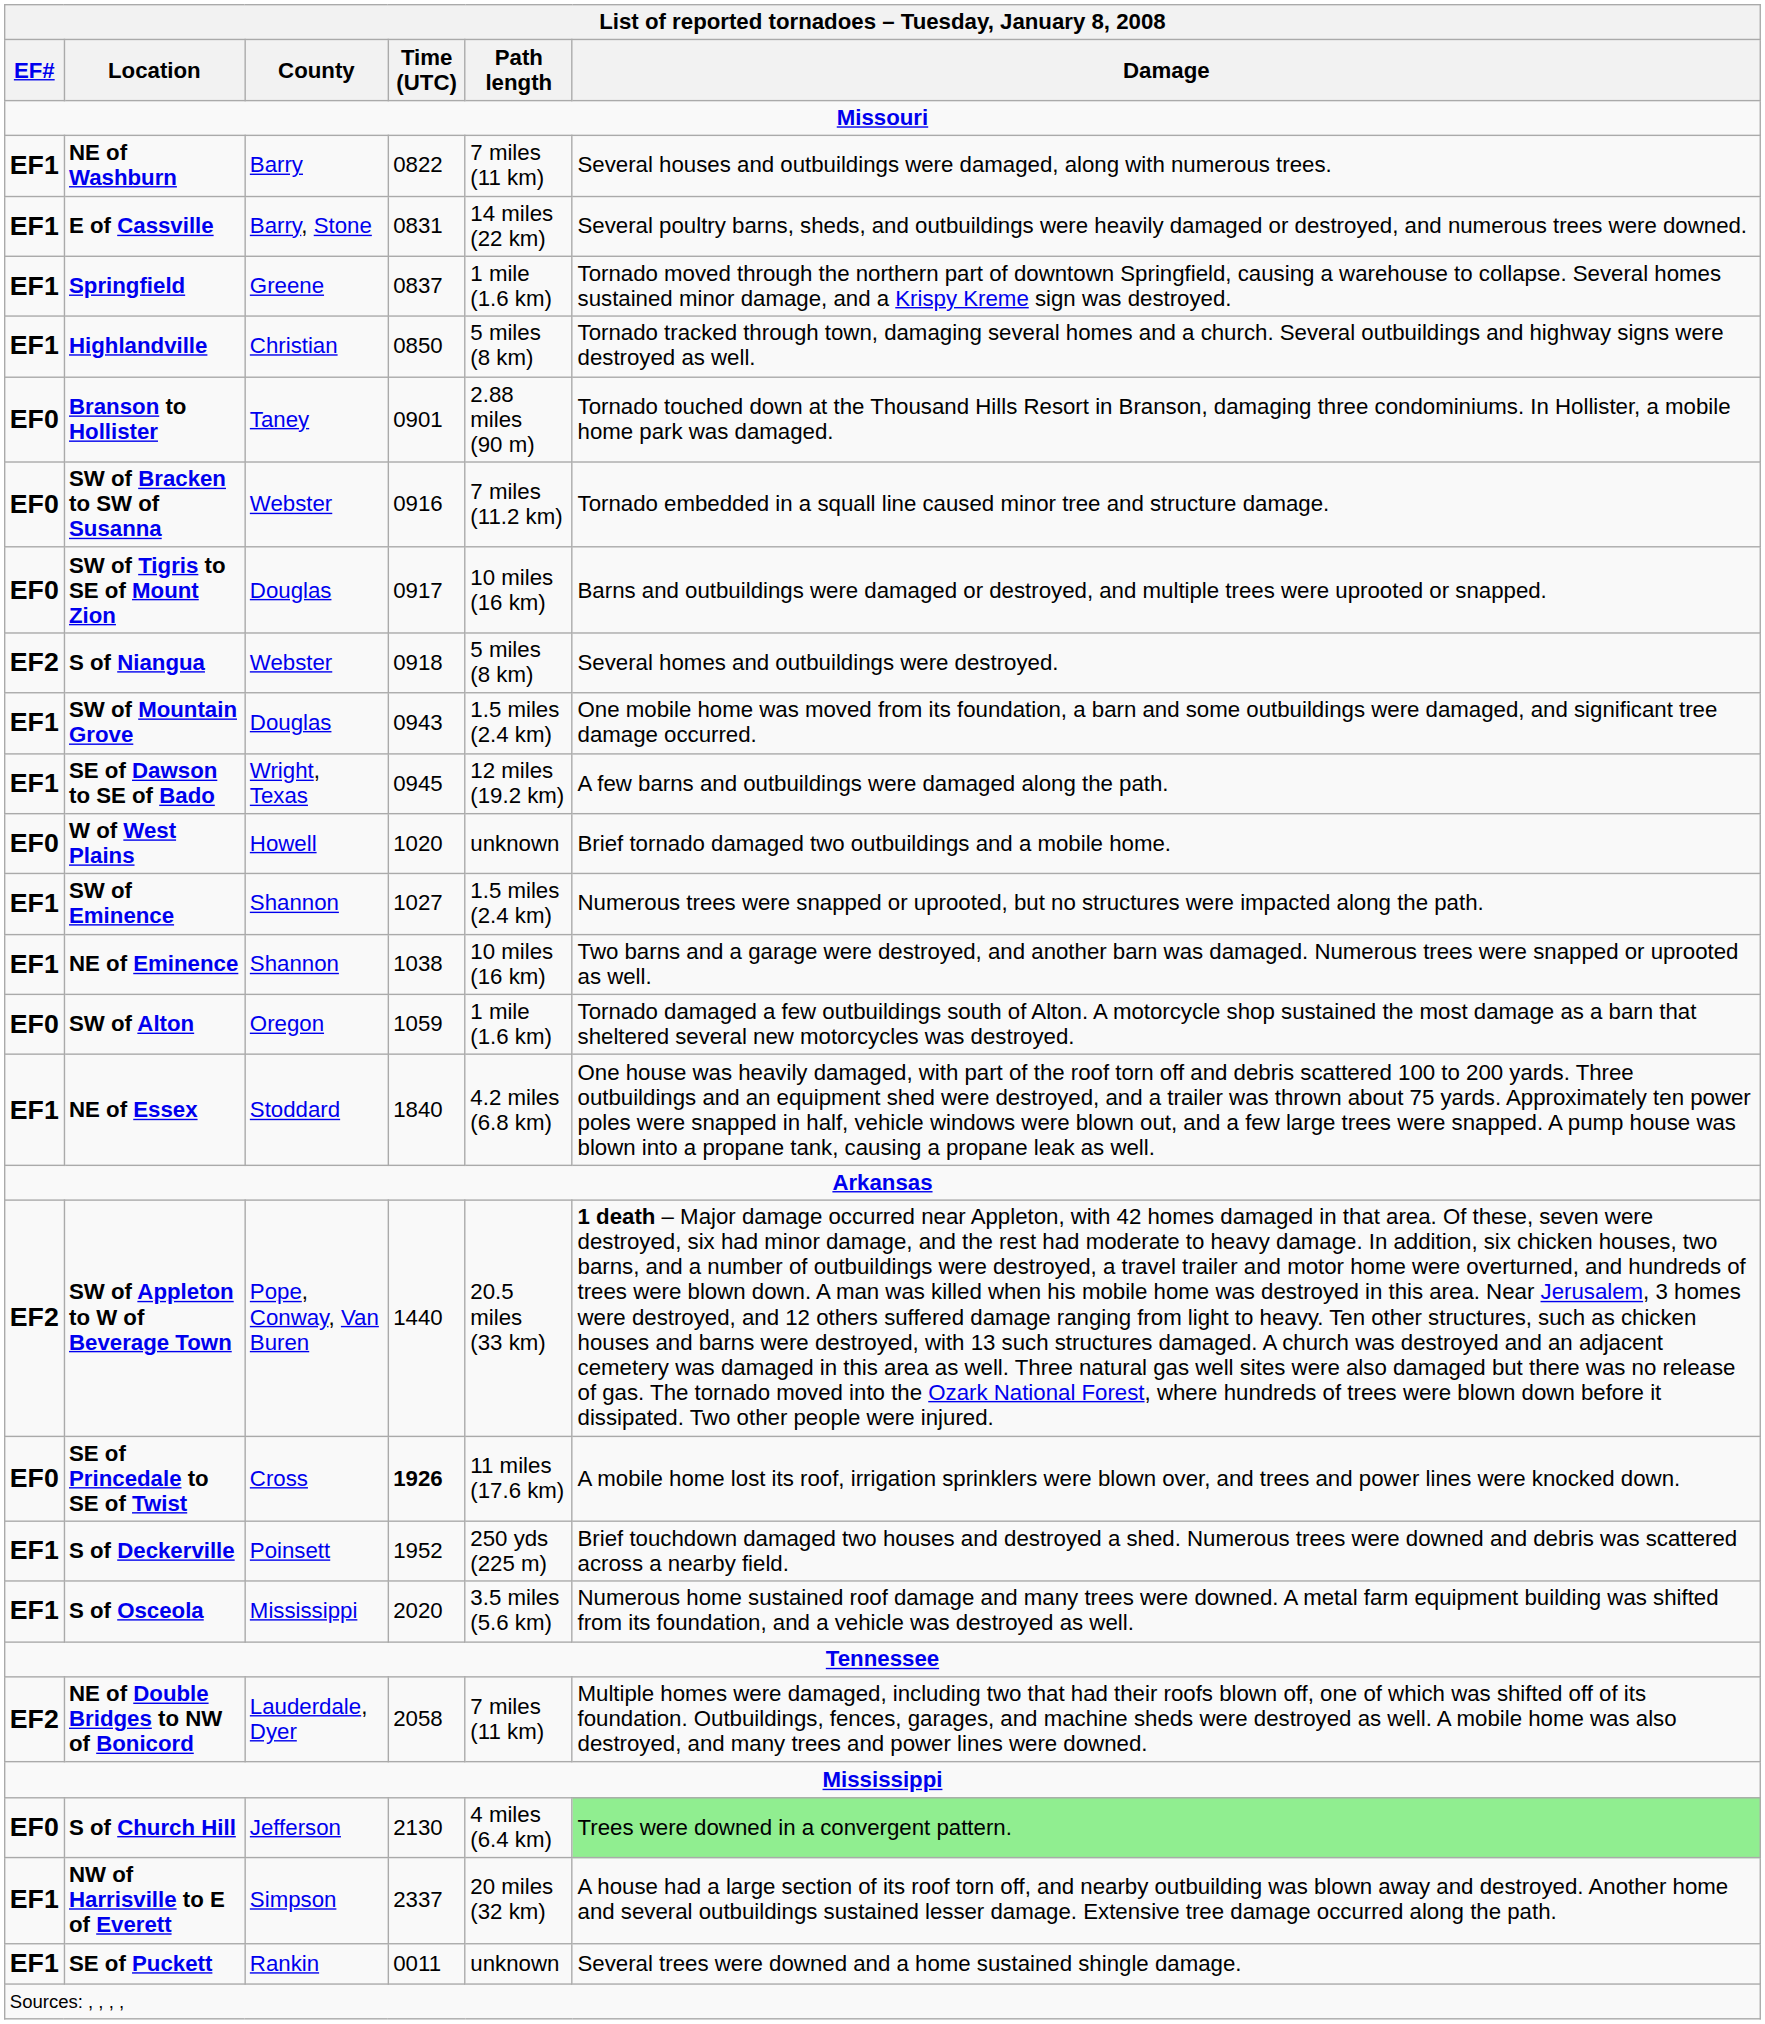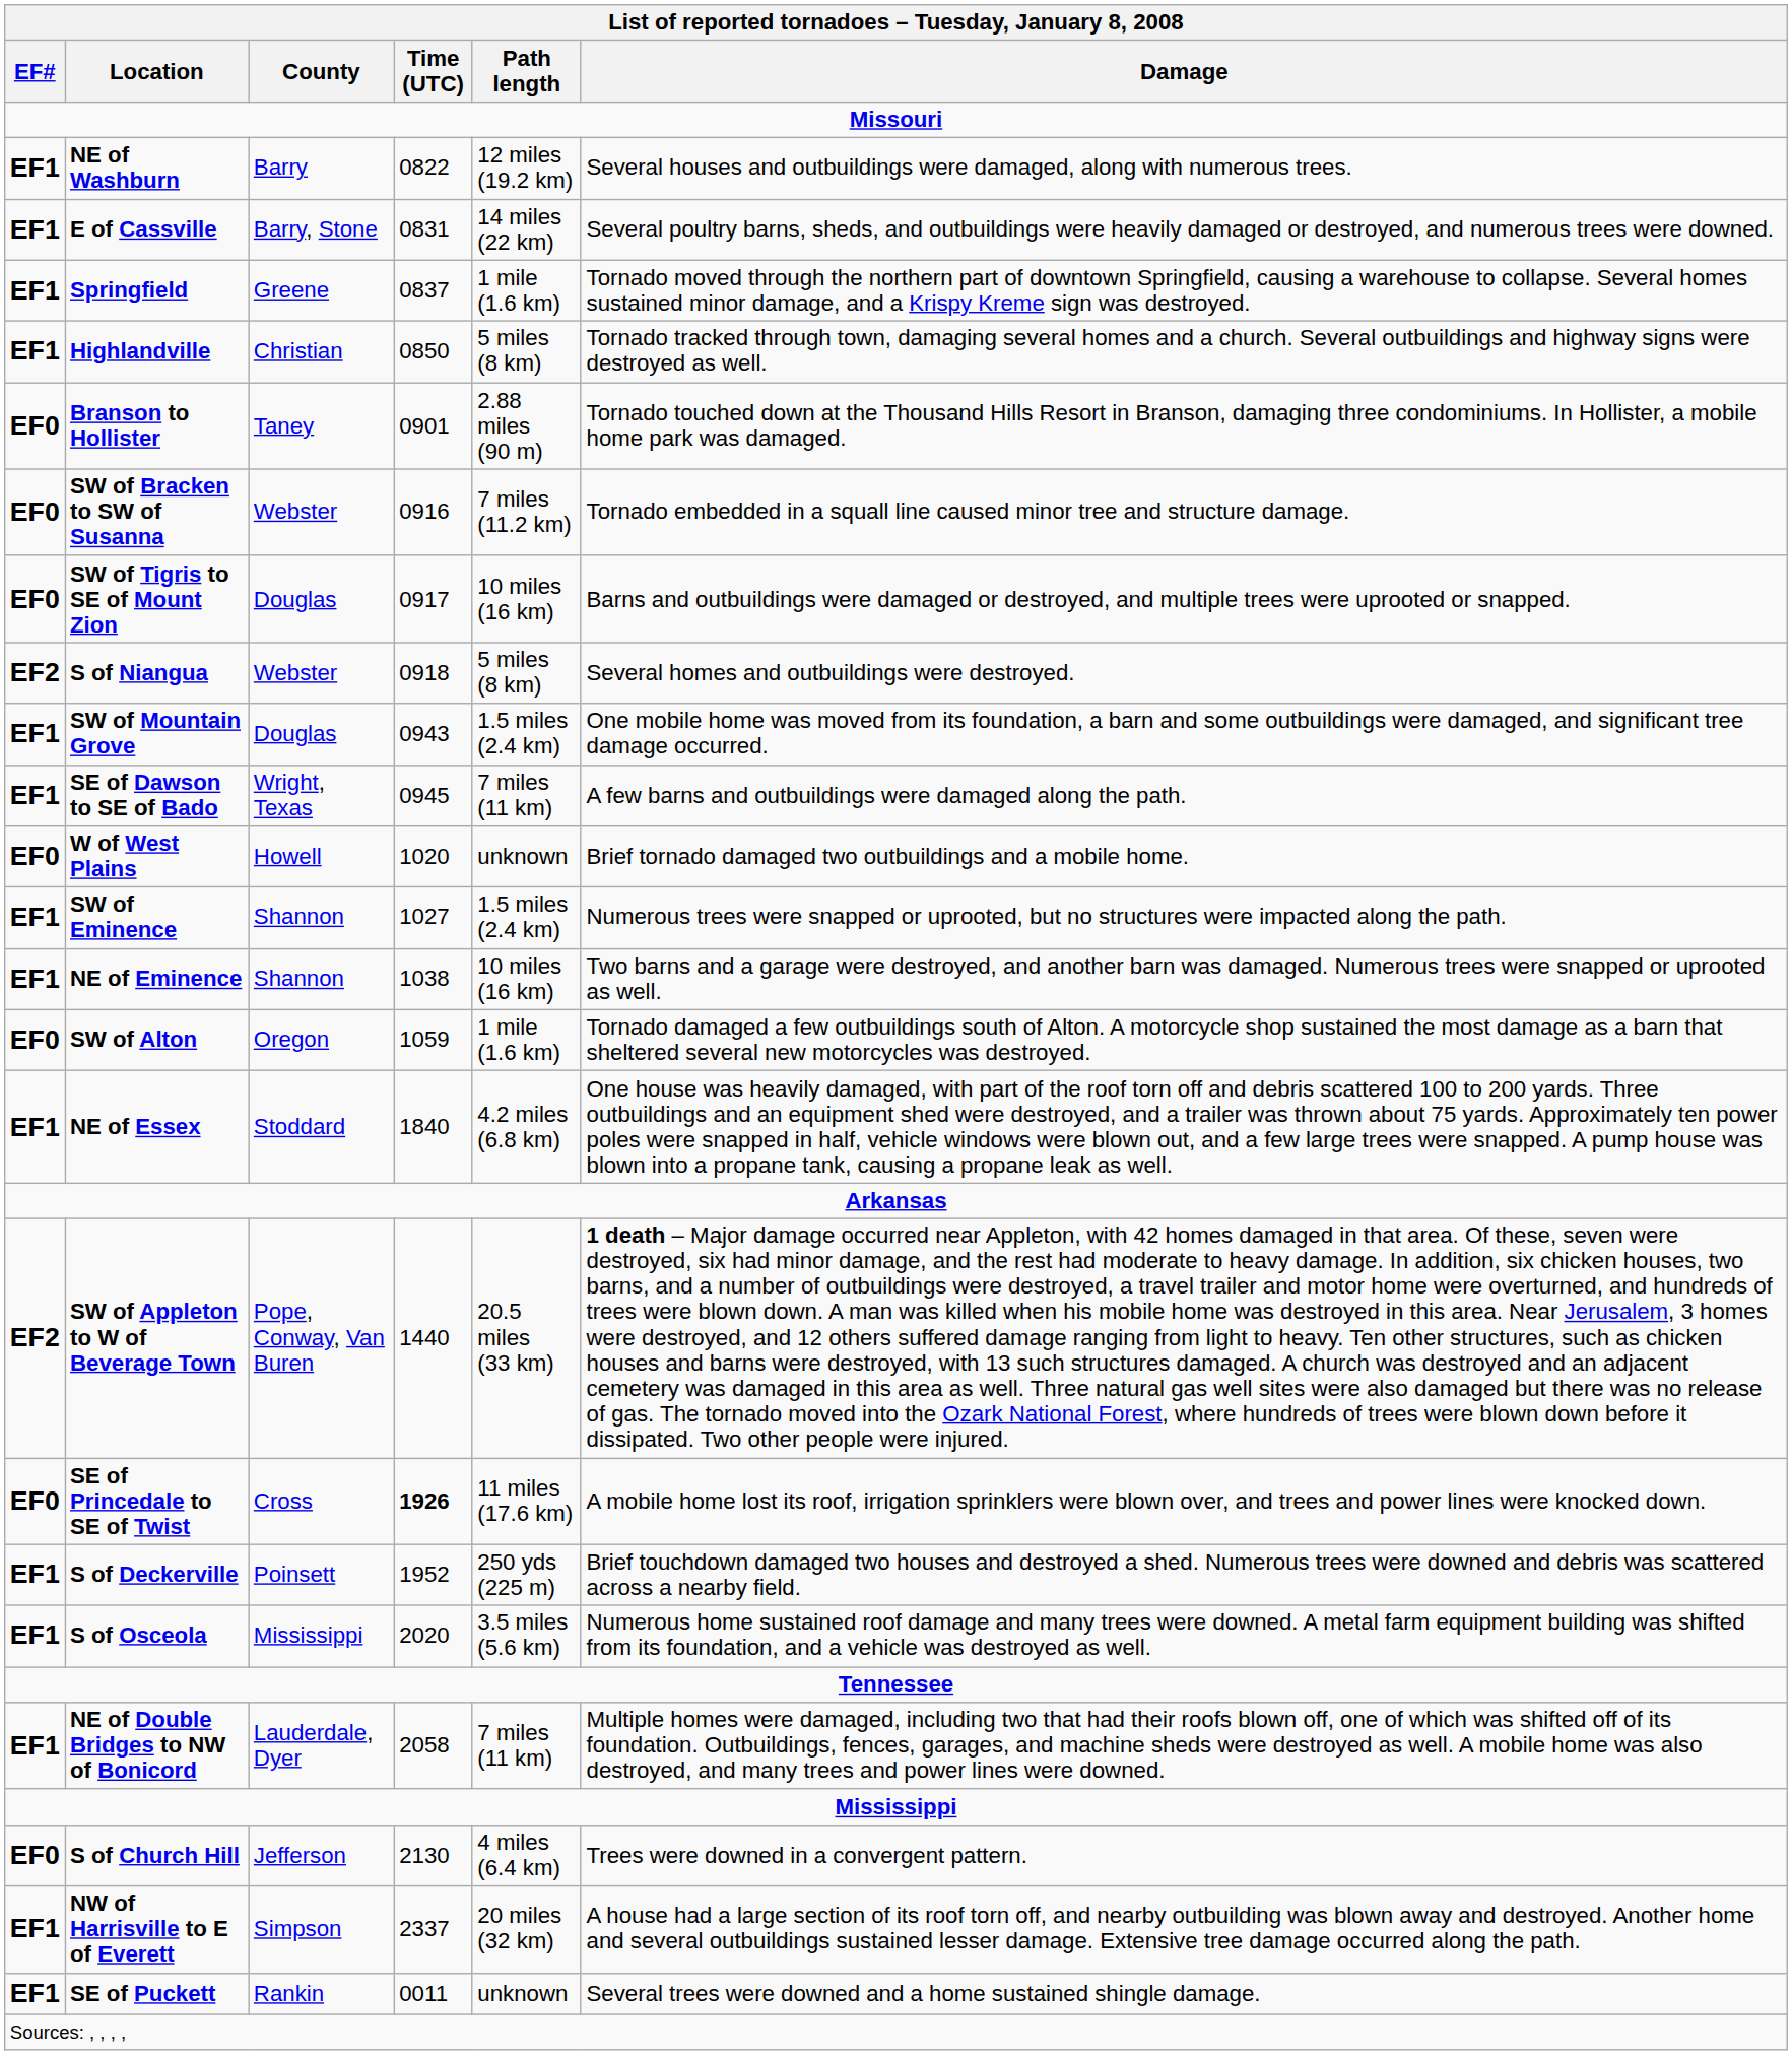 <table class="wikitable collapsible" style="width:100%;">
 <tr>
 <th colspan="6">List of reported tornadoes – Tuesday, January 8, 2008</th>
 </tr>
 <tr>
 <th><a href='#'>EF#</a></th>
 <th>Location</th>
 <th>County</th>
 <th>Time (UTC)</th>
 <th>Path length</th>
 <th>Damage</th>
 </tr>
 <tr>
 <td colspan="7" style="text-align:center;"><strong><a href='#'>Missouri</a></strong></td>
 </tr>
 <tr>
 <td><big><strong>EF1</strong></big></td>
 <td><strong>NE of <a href='#'>Washburn</a></strong></td>
 <td><a href='#'>Barry</a></td>
 <td>0822</td>
-<td>7 miles<br>(11 km)</td>
+<td>12 miles<br>(19.2 km)</td>
 <td>Several houses and outbuildings were damaged, along with numerous trees.</td>
 </tr>
 <tr>
 <td><big><strong>EF1</strong></big></td>
 <td><strong>E of <a href='#'>Cassville</a></strong></td>
 <td><a href='#'>Barry</a>, <a href='#'>Stone</a></td>
 <td>0831</td>
 <td>14 miles<br>(22 km)</td>
 <td>Several poultry barns, sheds, and outbuildings were heavily damaged or destroyed, and numerous trees were downed.</td>
 </tr>
 <tr>
 <td><big><strong>EF1</strong></big></td>
 <td><strong><a href='#'>Springfield</a></strong></td>
 <td><a href='#'>Greene</a></td>
 <td>0837</td>
 <td>1 mile <br> (1.6 km)</td>
 <td>Tornado moved through the northern part of downtown Springfield, causing a warehouse to collapse. Several homes sustained minor damage, and a <a href='#'>Krispy Kreme</a> sign was destroyed.</td>
 </tr>
 <tr>
 <td><big><strong>EF1</strong></big></td>
 <td><strong><a href='#'>Highlandville</a></strong></td>
 <td><a href='#'>Christian</a></td>
 <td>0850</td>
 <td>5 miles <br> (8 km)</td>
 <td>Tornado tracked through town, damaging several homes and a church. Several outbuildings and highway signs were destroyed as well.</td>
 </tr>
 <tr>
 <td><big><strong>EF0</strong></big></td>
 <td><strong><a href='#'>Branson</a> to <a href='#'>Hollister</a></strong></td>
 <td><a href='#'>Taney</a></td>
 <td>0901</td>
 <td>2.88 miles<br>(90 m)</td>
 <td>Tornado touched down at the Thousand Hills Resort in Branson, damaging three condominiums. In Hollister, a mobile home park was damaged.</td>
 </tr>
 <tr>
 <td><big><strong>EF0</strong></big></td>
 <td><strong>SW of <a href='#'>Bracken</a> to SW of <a href='#'>Susanna</a></strong></td>
 <td><a href='#'>Webster</a></td>
 <td>0916</td>
 <td>7 miles <br> (11.2 km)</td>
 <td>Tornado embedded in a squall line caused minor tree and structure damage.</td>
 </tr>
 <tr>
 <td><big><strong>EF0</strong></big></td>
 <td><strong>SW of <a href='#'>Tigris</a> to SE of <a href='#'>Mount Zion</a></strong></td>
 <td><a href='#'>Douglas</a></td>
 <td>0917</td>
 <td>10 miles <br> (16 km)</td>
 <td>Barns and outbuildings were damaged or destroyed, and multiple trees were uprooted or snapped.</td>
 </tr>
 <tr>
 <td><big><strong>EF2</strong></big></td>
 <td><strong>S of <a href='#'>Niangua</a></strong></td>
 <td><a href='#'>Webster</a></td>
 <td>0918</td>
 <td>5 miles <br> (8 km)</td>
 <td>Several homes and outbuildings were destroyed.</td>
 </tr>
 <tr>
 <td><big><strong>EF1</strong></big></td>
 <td><strong>SW of <a href='#'>Mountain Grove</a></strong></td>
 <td><a href='#'>Douglas</a></td>
 <td>0943</td>
 <td>1.5 miles<br>(2.4 km)</td>
 <td>One mobile home was moved from its foundation, a barn and some outbuildings were damaged, and significant tree damage occurred.</td>
 </tr>
 <tr>
 <td><big><strong>EF1</strong></big></td>
 <td><strong>SE of <a href='#'>Dawson</a> to SE of <a href='#'>Bado</a></strong></td>
 <td><a href='#'>Wright</a>, <a href='#'>Texas</a></td>
 <td>0945</td>
-<td>12 miles<br>(19.2 km)</td>
+<td>7 miles<br>(11 km)</td>
 <td>A few barns and outbuildings were damaged along the path.</td>
 </tr>
 <tr>
 <td><big><strong>EF0</strong></big></td>
 <td><strong>W of <a href='#'>West Plains</a></strong></td>
 <td><a href='#'>Howell</a></td>
 <td>1020</td>
 <td>unknown</td>
 <td>Brief tornado damaged two outbuildings and a mobile home.</td>
 </tr>
 <tr>
 <td><big><strong>EF1</strong></big></td>
 <td><strong>SW of <a href='#'>Eminence</a></strong></td>
 <td><a href='#'>Shannon</a></td>
 <td>1027</td>
 <td>1.5 miles<br>(2.4 km)</td>
 <td>Numerous trees were snapped or uprooted, but no structures were impacted along the path.</td>
 </tr>
 <tr>
 <td><big><strong>EF1</strong></big></td>
 <td><strong>NE of <a href='#'>Eminence</a></strong></td>
 <td><a href='#'>Shannon</a></td>
 <td>1038</td>
 <td>10 miles<br>(16 km)</td>
 <td>Two barns and a garage were destroyed, and another barn was damaged. Numerous trees were snapped or uprooted as well.</td>
 </tr>
 <tr>
 <td><big><strong>EF0</strong></big></td>
 <td><strong>SW of <a href='#'>Alton</a></strong></td>
 <td><a href='#'>Oregon</a></td>
 <td>1059</td>
 <td>1 mile<br>(1.6 km)</td>
 <td>Tornado damaged a few outbuildings south of Alton. A motorcycle shop sustained the most damage as a barn that sheltered several new motorcycles was destroyed.</td>
 </tr>
 <tr>
 <td><big><strong>EF1</strong></big></td>
 <td><strong>NE of <a href='#'>Essex</a></strong></td>
 <td><a href='#'>Stoddard</a></td>
 <td>1840</td>
 <td>4.2 miles<br>(6.8 km)</td>
 <td>One house was heavily damaged, with part of the roof torn off and debris scattered 100 to 200 yards. Three outbuildings and an equipment shed were destroyed, and a trailer was thrown about 75 yards. Approximately ten power poles were snapped in half, vehicle windows were blown out, and a few large trees were snapped. A pump house was blown into a propane tank, causing a propane leak as well.</td>
 </tr>
 <tr>
 <td colspan="7" style="text-align:center;"><strong><a href='#'>Arkansas</a></strong></td>
 </tr>
 <tr>
 <td><big><strong>EF2</strong></big></td>
 <td><strong>SW of <a href='#'>Appleton</a> to W of <a href='#'>Beverage Town</a></strong></td>
 <td><a href='#'>Pope</a>, <a href='#'>Conway</a>, <a href='#'>Van Buren</a></td>
 <td>1440</td>
 <td>20.5 miles<br>(33 km)</td>
 <td><strong>1 death</strong> – Major damage occurred near Appleton, with 42 homes damaged in that area. Of these, seven were destroyed, six had minor damage, and the rest had moderate to heavy damage. In addition, six chicken houses, two barns, and a number of outbuildings were destroyed, a travel trailer and motor home were overturned, and hundreds of trees were blown down. A man was killed when his mobile home was destroyed in this area. Near <a href='#'>Jerusalem</a>, 3 homes were destroyed, and 12 others suffered damage ranging from light to heavy. Ten other structures, such as chicken houses and barns were destroyed, with 13 such structures damaged. A church was destroyed and an adjacent cemetery was damaged in this area as well. Three natural gas well sites were also damaged but there was no release of gas. The tornado moved into the <a href='#'>Ozark National Forest</a>, where hundreds of trees were blown down before it dissipated. Two other people were injured.</td>
 </tr>
 <tr>
 <td><big><strong>EF0</strong></big></td>
 <td><strong>SE of <a href='#'>Princedale</a> to SE of <a href='#'>Twist</a></strong></td>
 <td><a href='#'>Cross</a></td>
 <td><strong>1926</strong></td>
 <td>11 miles <br> (17.6 km)</td>
 <td>A mobile home lost its roof, irrigation sprinklers were blown over, and trees and power lines were knocked down.</td>
 </tr>
 <tr>
 <td><big><strong>EF1</strong></big></td>
 <td><strong>S of <a href='#'>Deckerville</a></strong></td>
 <td><a href='#'>Poinsett</a></td>
 <td>1952</td>
 <td>250 yds<br>(225 m)</td>
 <td>Brief touchdown damaged two houses and destroyed a shed. Numerous trees were downed and debris was scattered across a nearby field.</td>
 </tr>
 <tr>
 <td><big><strong>EF1</strong></big></td>
 <td><strong>S of <a href='#'>Osceola</a></strong></td>
 <td><a href='#'>Mississippi</a></td>
 <td>2020</td>
 <td>3.5 miles<br>(5.6 km)</td>
 <td>Numerous home sustained roof damage and many trees were downed. A metal farm equipment building was shifted from its foundation, and a vehicle was destroyed as well.</td>
 </tr>
 <tr>
 <td colspan="7" style="text-align:center;"><strong><a href='#'>Tennessee</a></strong></td>
 </tr>
 <tr>
-<td><big><strong>EF2</strong></big></td>
+<td><big><strong>EF1</strong></big></td>
 <td><strong>NE of <a href='#'>Double Bridges</a> to NW of <a href='#'>Bonicord</a></strong></td>
 <td><a href='#'>Lauderdale</a>, <a href='#'>Dyer</a></td>
 <td>2058</td>
 <td>7 miles<br>(11 km)</td>
 <td>Multiple homes were damaged, including two that had their roofs blown off, one of which was shifted off of its foundation. Outbuildings, fences, garages, and machine sheds were destroyed as well. A mobile home was also destroyed, and many trees and power lines were downed.</td>
 </tr>
 <tr>
 <td colspan="7" style="text-align:center;"><strong><a href='#'>Mississippi</a></strong></td>
 </tr>
 <tr>
 <td><big><strong>EF0</strong></big></td>
 <td><strong>S of <a href='#'>Church Hill</a></strong></td>
 <td><a href='#'>Jefferson</a></td>
 <td>2130</td>
 <td>4 miles <br>(6.4 km)</td>
-<td style="background: lightgreen;">Trees were downed in a convergent pattern.</td>
+<td>Trees were downed in a convergent pattern.</td>
 </tr>
 <tr>
 <td><big><strong>EF1</strong></big></td>
 <td><strong>NW of <a href='#'>Harrisville</a> to E of <a href='#'>Everett</a></strong></td>
 <td><a href='#'>Simpson</a></td>
 <td>2337</td>
 <td>20 miles <br>(32 km)</td>
 <td>A house had a large section of its roof torn off, and nearby outbuilding was blown away and destroyed. Another home and several outbuildings sustained lesser damage. Extensive tree damage occurred along the path.</td>
 </tr>
 <tr>
 <td><big><strong>EF1</strong></big></td>
 <td><strong>SE of <a href='#'>Puckett</a></strong></td>
 <td><a href='#'>Rankin</a></td>
 <td>0011</td>
 <td>unknown</td>
 <td>Several trees were downed and a home sustained shingle damage.</td>
 </tr>
 <tr>
 <td colspan="7"><small>Sources: , , , , </small></td>
 </tr>
 </table>
